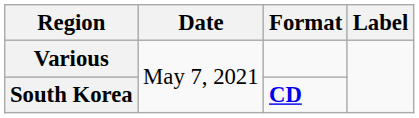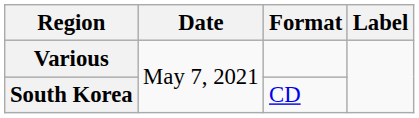 <table class="wikitable plainrowheaders">
 <tr>
 <th scope="col">Region</th>
 <th scope="col">Date</th>
 <th scope="col">Format</th>
 <th scope="col">Label</th>
 </tr>
 <tr>
 <th scope="row">Various</th>
 <td rowspan="2">May 7, 2021</td>
 <td></td>
 <td rowspan="2"></td>
 </tr>
 <tr>
 <th scope="row">South Korea</th>
-<td><strong><a href='#'>CD</a></strong></td>
+<td><a href='#'>CD</a></td>
 </tr>
 </table>
